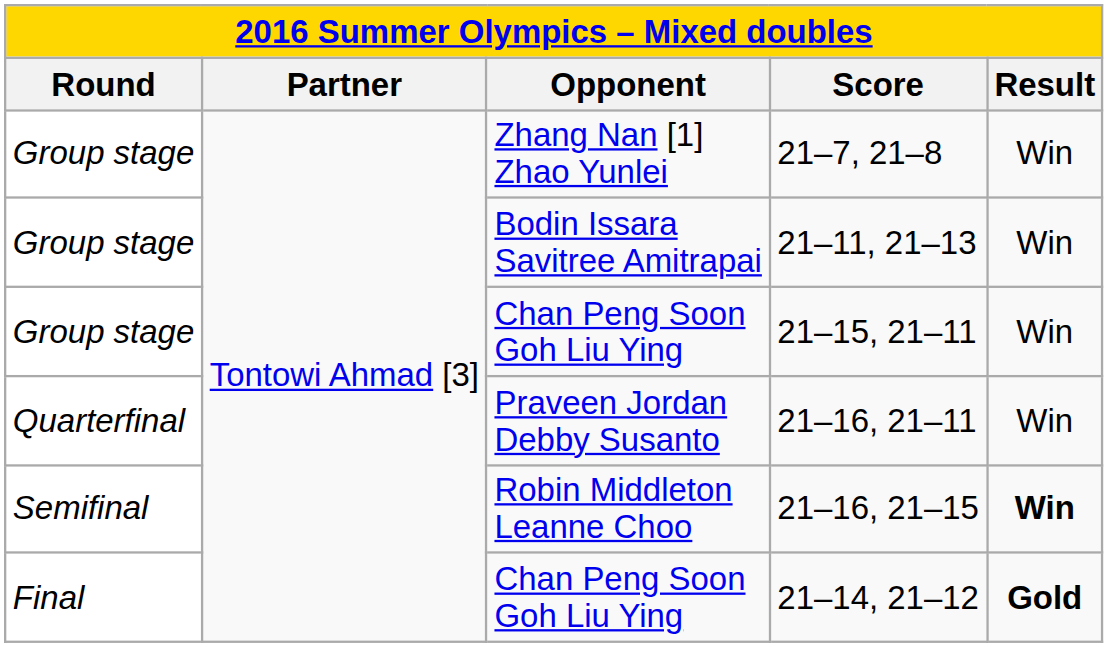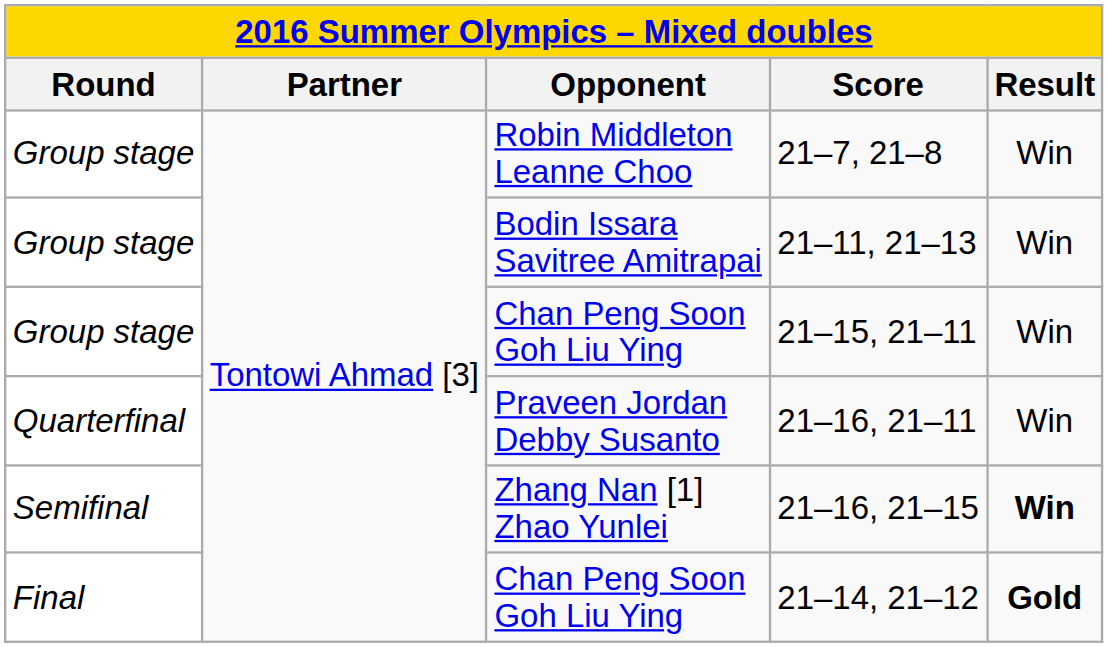 <table class="wikitable" style="font-size: 90%; text-align: center">
 <tr>
 <th colspan=5 style="background:gold"><a href='#'>2016 Summer Olympics – Mixed doubles</a></th>
 </tr>
 <tr>
 <th>Round</th>
 <th>Partner</th>
 <th>Opponent</th>
 <th>Score</th>
 <th>Result</th>
 </tr>
 <tr>
 <td style="text-align:left; background:white"><em>Group stage</em></td>
 <td align="left" rowspan="6"> <a href='#'>Tontowi Ahmad</a> [3]</td>
-<td align="left"> <a href='#'>Zhang Nan</a> [1]<br>  <a href='#'>Zhao Yunlei</a></td>
+<td align="left"> <a href='#'>Robin Middleton</a> <br>  <a href='#'>Leanne Choo</a></td>
 <td align="left">21–7, 21–8</td>
 <td align="center">Win</td>
 </tr>
 <tr>
 <td style="text-align:left; background:white"><em>Group stage</em></td>
 <td align="left"> <a href='#'>Bodin Issara</a> <br>  <a href='#'>Savitree Amitrapai</a></td>
 <td align="left">21–11, 21–13</td>
 <td align="center">Win</td>
 </tr>
 <tr>
 <td style="text-align:left; background:white"><em>Group stage</em></td>
 <td align="left"> <a href='#'>Chan Peng Soon</a> <br>  <a href='#'>Goh Liu Ying</a></td>
 <td align="left">21–15, 21–11</td>
 <td align="center">Win</td>
 </tr>
 <tr>
 <td style="text-align:left; background:white"><em>Quarterfinal</em></td>
 <td align="left"> <a href='#'>Praveen Jordan</a> <br>  <a href='#'>Debby Susanto</a></td>
 <td align="left">21–16, 21–11</td>
 <td align="center">Win</td>
 </tr>
 <tr>
 <td style="text-align:left; background:white"><em>Semifinal</em></td>
-<td align="left"> <a href='#'>Robin Middleton</a> <br>  <a href='#'>Leanne Choo</a></td>
+<td align="left"> <a href='#'>Zhang Nan</a> [1]<br>  <a href='#'>Zhao Yunlei</a></td>
 <td align="left">21–16, 21–15</td>
 <td align="center"><strong>Win</strong></td>
 </tr>
 <tr>
 <td style="text-align:left; background:white"><em>Final</em></td>
 <td align="left"> <a href='#'>Chan Peng Soon</a> <br>  <a href='#'>Goh Liu Ying</a></td>
 <td align="left">21–14, 21–12</td>
 <td align="center"> <strong>Gold</strong></td>
 </tr>
 </table>
